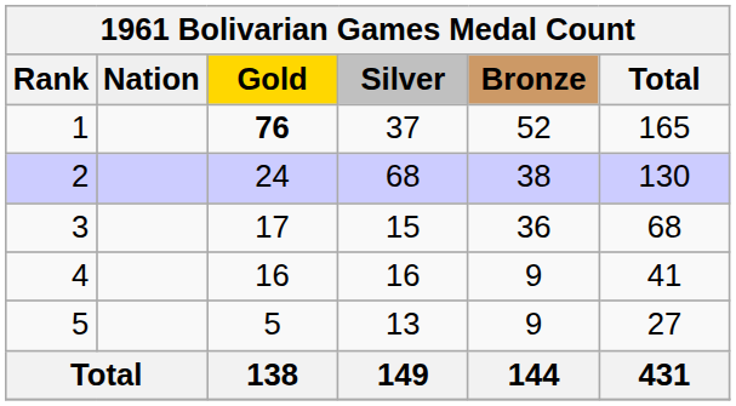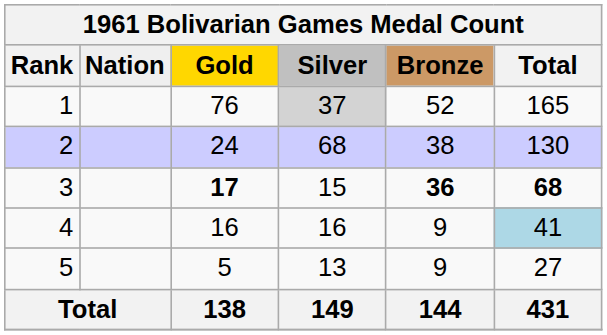 <table class="wikitable" border="2" style="text-align:center">
 <tr>
 <th colspan=6>1961 Bolivarian Games Medal Count</th>
 </tr>
 <tr bgcolor="#efefef">
 <th>Rank</th>
 <td align=left><strong>Nation</strong></td>
 <td bgcolor="gold" align=center width=60><strong>Gold</strong></td>
 <td bgcolor="silver" align=center width=60><strong>Silver</strong></td>
 <td bgcolor="CC9966" align=center width=60><strong>Bronze</strong></td>
 <th width=60>Total</th>
 </tr>
 <tr>
 <td align=right>1</td>
 <td align=left></td>
-<td><strong>76</strong></td>
-<td>37</td>
+<td>76</td>
+<td style="background: lightgrey;">37</td>
 <td>52</td>
 <td>165</td>
 </tr>
 <tr style="background:#ccccff">
 <td align=right>2</td>
 <td align=left></td>
 <td>24</td>
 <td>68</td>
 <td>38</td>
 <td>130</td>
 </tr>
 <tr>
 <td align=right>3</td>
 <td align=left></td>
-<td>17</td>
+<td><strong>17</strong></td>
 <td>15</td>
-<td>36</td>
-<td>68</td>
+<td><strong>36</strong></td>
+<td><strong>68</strong></td>
 </tr>
 <tr>
 <td align=right>4</td>
 <td align=left></td>
 <td>16</td>
 <td>16</td>
 <td>9</td>
-<td>41</td>
+<td style="background: lightblue;">41</td>
 </tr>
 <tr>
 <td align=right>5</td>
 <td align=left></td>
 <td>5</td>
 <td>13</td>
 <td>9</td>
 <td>27</td>
 </tr>
 <tr>
 <th colspan="2">Total</th>
 <th>138</th>
 <th>149</th>
 <th>144</th>
 <th>431</th>
 </tr>
 <tr>
 </tr>
 </table>
